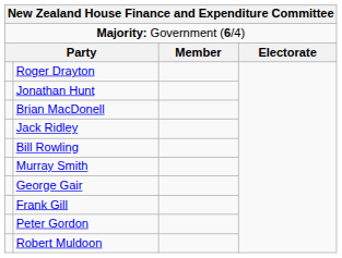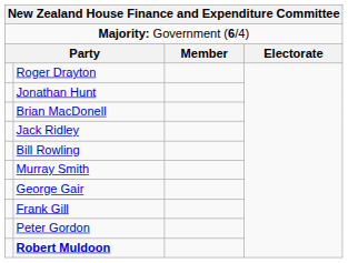 <table class="wikitable">
 <tr>
 <th colspan="4">New Zealand House Finance and Expenditure Committee</th>
 </tr>
 <tr>
 <td colspan="4" style="text-align:center; background:"><strong>Majority:</strong> Government (<strong>6</strong>/4)</td>
 </tr>
 <tr>
 <th colspan="2">Party</th>
 <th>Member</th>
 <th>Electorate</th>
 </tr>
 <tr>
 <td></td>
 <td><a href='#'>Roger Drayton</a></td>
 <td></td>
 </tr>
 <tr>
 <td></td>
 <td><a href='#'>Jonathan Hunt</a></td>
 <td></td>
 </tr>
 <tr>
 <td></td>
 <td><a href='#'>Brian MacDonell</a></td>
 <td></td>
 </tr>
 <tr>
 <td></td>
 <td><a href='#'>Jack Ridley</a></td>
 <td></td>
 </tr>
 <tr>
 <td></td>
 <td><a href='#'>Bill Rowling</a></td>
 <td></td>
 </tr>
 <tr>
 <td></td>
 <td><a href='#'>Murray Smith</a></td>
 <td></td>
 </tr>
 <tr>
 <td></td>
 <td><a href='#'>George Gair</a></td>
 <td></td>
 </tr>
 <tr>
 <td></td>
 <td><a href='#'>Frank Gill</a></td>
 <td></td>
 </tr>
 <tr>
 <td></td>
 <td><a href='#'>Peter Gordon</a></td>
 <td></td>
 </tr>
 <tr>
 <td></td>
-<td><a href='#'>Robert Muldoon</a></td>
+<td><strong><a href='#'>Robert Muldoon</a></strong></td>
 <td></td>
 </tr>
 </table>
